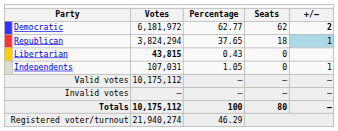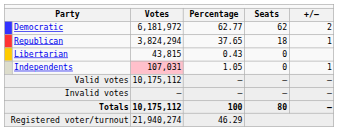 <table class="wikitable" style="font-size:95%;">
 <tr>
 <td colspan=10 align=center></td>
 </tr>
 <tr>
 <th colspan=2 style="width: 15em">Party</th>
 <th style="width: 5em">Votes</th>
 <th style="width: 7em">Percentage</th>
 <th style="width: 5em">Seats</th>
 <th style="width: 5em">+/–</th>
 </tr>
 <tr>
 <th style="background-color:#33F; width: 3px"></th>
 <td style="width: 130px"><a href='#'>Democratic</a></td>
 <td align="right">6,181,972</td>
 <td align="right">62.77</td>
 <td align="right">62</td>
-<td align="right"><strong> 2</strong></td>
+<td align="right"> 2</td>
 </tr>
 <tr>
 <th style="background-color:#F33; width: 3px"></th>
 <td style="width: 130px"><a href='#'>Republican</a></td>
 <td align="right">3,824,294</td>
 <td align="right">37.65</td>
 <td align="right">18</td>
-<td align="right" style="background: lightblue;"> 1</td>
+<td align="right"> 1</td>
 </tr>
 <tr>
 <th style="background-color:#FC0; width: 3px"></th>
 <td style="width: 130px"><a href='#'>Libertarian</a></td>
-<td align="right"><strong>43,815</strong></td>
+<td align="right">43,815</td>
 <td align="right">0.43</td>
 <td align="right">0</td>
 <td align="right"></td>
 </tr>
 <tr>
 <th style="background-color:#DDDDCC; width: 3px"></th>
 <td style="width: 130px"><a href='#'>Independents</a></td>
-<td align="right">107,031</td>
+<td align="right" style="background: pink;">107,031</td>
 <td align="right">1.05</td>
 <td align="right">0</td>
 <td align="right"> 1</td>
 </tr>
 <tr bgcolor="#EEEEEE">
 <td colspan="2" align="right">Valid votes</td>
 <td align="right">10,175,112</td>
 <td align="right">—</td>
 <td align="right">—</td>
 <td align="right">—</td>
 </tr>
 <tr bgcolor="#EEEEEE">
 <td colspan="2" align="right">Invalid votes</td>
 <td align="right">—</td>
 <td align="right">—</td>
 <td align="right">—</td>
 <td align="right">—</td>
 </tr>
 <tr bgcolor="#EEEEEE">
 <td colspan="2" align="right"><strong>Totals</strong></td>
 <td align="right"><strong>10,175,112</strong></td>
 <td align="right"><strong>100</strong></td>
 <td align="right"><strong>80</strong></td>
 <td align="right"><strong>—</strong></td>
 </tr>
 <tr bgcolor="#EEEEEE">
 <td colspan="2" align="right">Registered voter/turnout</td>
 <td align="right">21,940,274</td>
 <td align="right">46.29</td>
 <td colspan="2" align="right"></td>
 </tr>
 </table>
